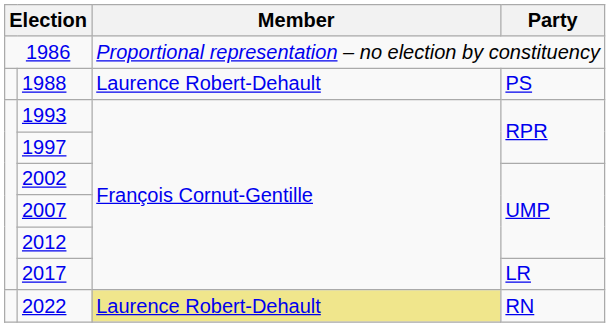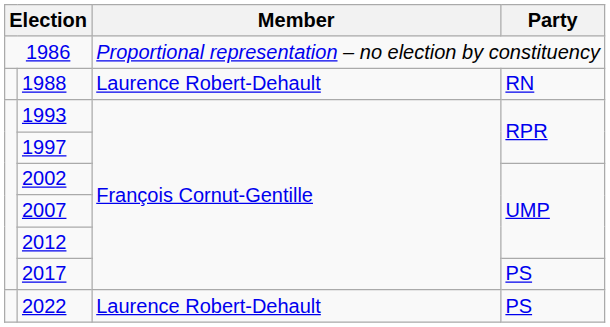 <table class="wikitable">
 <tr>
 <th colspan="2">Election</th>
 <th>Member</th>
 <th>Party</th>
 </tr>
 <tr>
 <td colspan="2" align="center"><a href='#'>1986</a></td>
 <td colspan="2"><em><a href='#'>Proportional representation</a> – no election by constituency</em></td>
 </tr>
 <tr>
 <td style="color:inherit;background-color: "></td>
 <td><a href='#'>1988</a></td>
 <td><a href='#'>Laurence Robert-Dehault</a></td>
-<td><a href='#'>PS</a></td>
+<td><a href='#'>RN</a></td>
 </tr>
 <tr>
 <td rowspan="6" style="background-color: "></td>
 <td><a href='#'>1993</a></td>
 <td rowspan="6"><a href='#'>François Cornut-Gentille</a></td>
 <td rowspan="2"><a href='#'>RPR</a></td>
 </tr>
 <tr>
 <td><a href='#'>1997</a></td>
 </tr>
 <tr>
 <td><a href='#'>2002</a></td>
 <td rowspan="3"><a href='#'>UMP</a></td>
 </tr>
 <tr>
 <td><a href='#'>2007</a></td>
 </tr>
 <tr>
 <td><a href='#'>2012</a></td>
 </tr>
 <tr>
 <td><a href='#'>2017</a></td>
-<td><a href='#'>LR</a></td>
+<td><a href='#'>PS</a></td>
 </tr>
 <tr>
 <td style="color:inherit;background-color: "></td>
 <td><a href='#'>2022</a></td>
-<td style="background: khaki;"><a href='#'>Laurence Robert-Dehault</a></td>
-<td><a href='#'>RN</a></td>
+<td><a href='#'>Laurence Robert-Dehault</a></td>
+<td><a href='#'>PS</a></td>
 </tr>
 </table>
